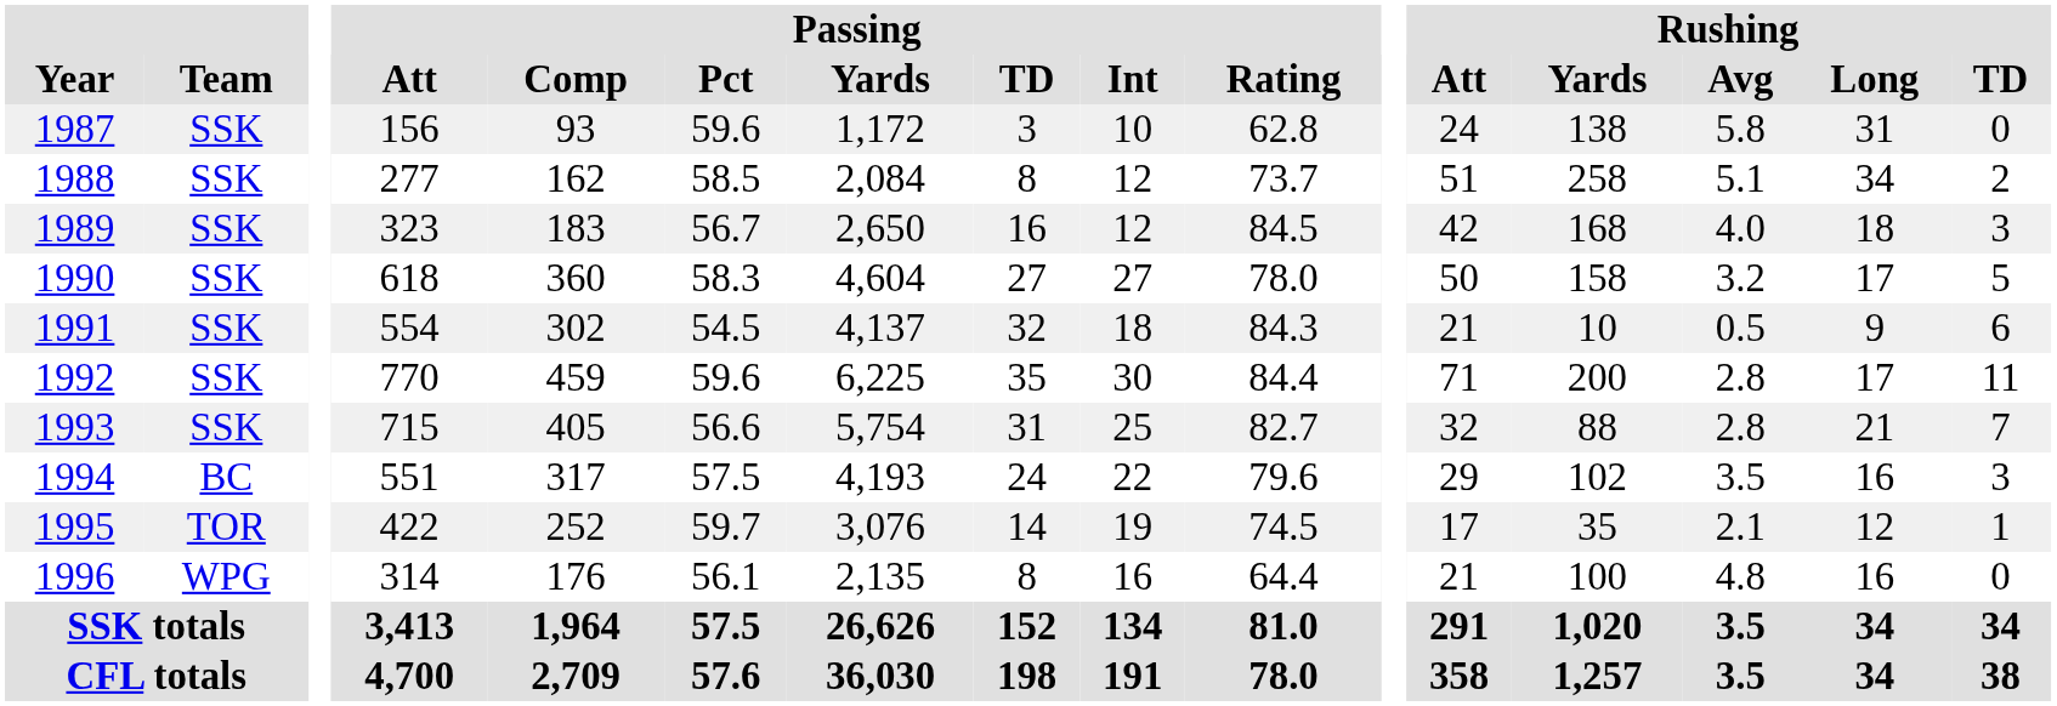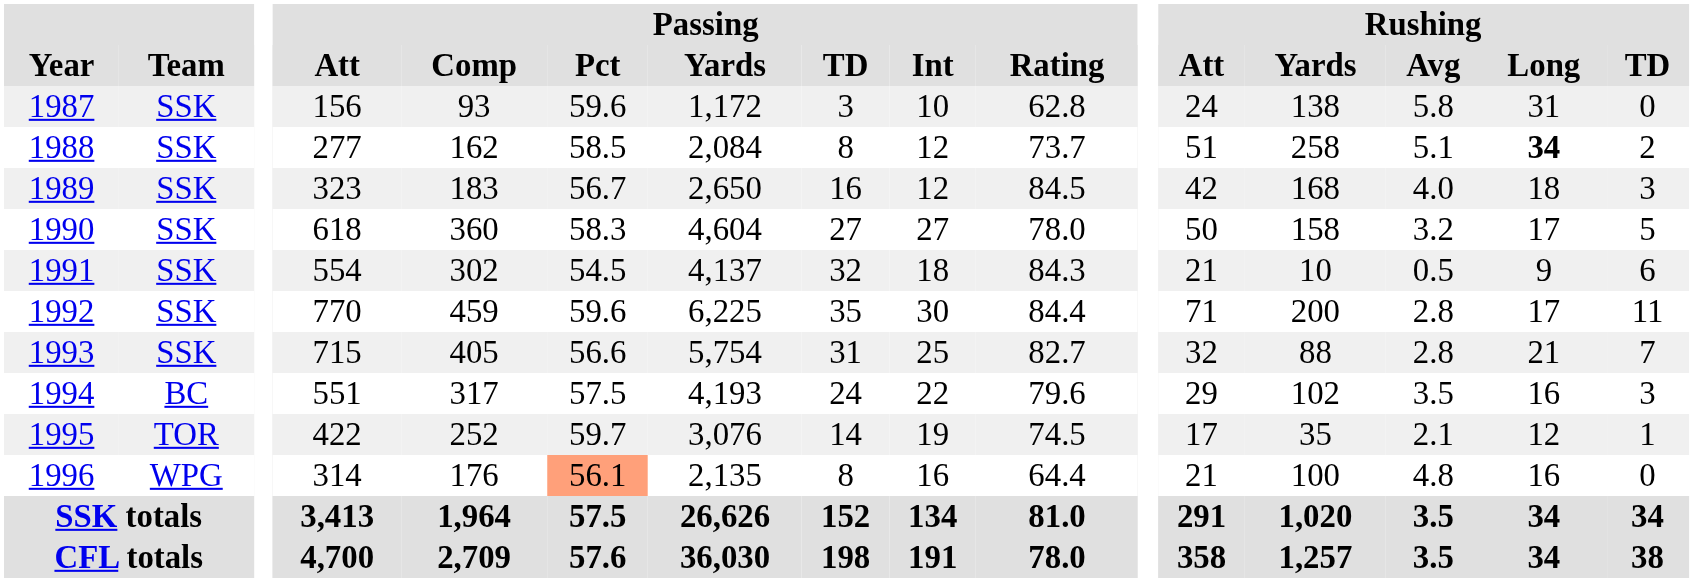 <table BORDER="0" CELLPADDING="1" CELLSPACING="0" width="65%" style="text-align:center">
 <tr bgcolor="#e0e0e0">
 <th colspan="2"></th>
 <th rowspan="99" bgcolor="#ffffff"> </th>
 <th colspan="7">Passing</th>
 <th rowspan="99" bgcolor="#ffffff"> </th>
 <th colspan="6">Rushing</th>
 </tr>
 <tr bgcolor="#e0e0e0">
 <th>Year</th>
 <th>Team</th>
 <th>Att</th>
 <th>Comp</th>
 <th>Pct</th>
 <th>Yards</th>
 <th>TD</th>
 <th>Int</th>
 <th>Rating</th>
 <th>Att</th>
 <th>Yards</th>
 <th>Avg</th>
 <th>Long</th>
 <th>TD</th>
 </tr>
 <tr ALIGN="center" bgcolor="#f0f0f0">
 <td><a href='#'>1987</a></td>
 <td><a href='#'>SSK</a></td>
 <td>156</td>
 <td>93</td>
 <td>59.6</td>
 <td>1,172</td>
 <td>3</td>
 <td>10</td>
 <td>62.8</td>
 <td>24</td>
 <td>138</td>
 <td>5.8</td>
 <td>31</td>
 <td>0</td>
 </tr>
 <tr ALIGN="center">
 <td><a href='#'>1988</a></td>
 <td><a href='#'>SSK</a></td>
 <td>277</td>
 <td>162</td>
 <td>58.5</td>
 <td>2,084</td>
 <td>8</td>
 <td>12</td>
 <td>73.7</td>
 <td>51</td>
 <td>258</td>
 <td>5.1</td>
-<td>34</td>
+<td><strong>34</strong></td>
 <td>2</td>
 </tr>
 <tr ALIGN="center" bgcolor="#f0f0f0">
 <td><a href='#'>1989</a></td>
 <td><a href='#'>SSK</a></td>
 <td>323</td>
 <td>183</td>
 <td>56.7</td>
 <td>2,650</td>
 <td>16</td>
 <td>12</td>
 <td>84.5</td>
 <td>42</td>
 <td>168</td>
 <td>4.0</td>
 <td>18</td>
 <td>3</td>
 </tr>
 <tr ALIGN="center">
 <td><a href='#'>1990</a></td>
 <td><a href='#'>SSK</a></td>
 <td>618</td>
 <td>360</td>
 <td>58.3</td>
 <td>4,604</td>
 <td>27</td>
 <td>27</td>
 <td>78.0</td>
 <td>50</td>
 <td>158</td>
 <td>3.2</td>
 <td>17</td>
 <td>5</td>
 </tr>
 <tr ALIGN="center" bgcolor="#f0f0f0">
 <td><a href='#'>1991</a></td>
 <td><a href='#'>SSK</a></td>
 <td>554</td>
 <td>302</td>
 <td>54.5</td>
 <td>4,137</td>
 <td>32</td>
 <td>18</td>
 <td>84.3</td>
 <td>21</td>
 <td>10</td>
 <td>0.5</td>
 <td>9</td>
 <td>6</td>
 </tr>
 <tr ALIGN="center">
 <td><a href='#'>1992</a></td>
 <td><a href='#'>SSK</a></td>
 <td>770</td>
 <td>459</td>
 <td>59.6</td>
 <td>6,225</td>
 <td>35</td>
 <td>30</td>
 <td>84.4</td>
 <td>71</td>
 <td>200</td>
 <td>2.8</td>
 <td>17</td>
 <td>11</td>
 </tr>
 <tr ALIGN="center" bgcolor="#f0f0f0">
 <td><a href='#'>1993</a></td>
 <td><a href='#'>SSK</a></td>
 <td>715</td>
 <td>405</td>
 <td>56.6</td>
 <td>5,754</td>
 <td>31</td>
 <td>25</td>
 <td>82.7</td>
 <td>32</td>
 <td>88</td>
 <td>2.8</td>
 <td>21</td>
 <td>7</td>
 </tr>
 <tr ALIGN="center">
 <td><a href='#'>1994</a></td>
 <td><a href='#'>BC</a></td>
 <td>551</td>
 <td>317</td>
 <td>57.5</td>
 <td>4,193</td>
 <td>24</td>
 <td>22</td>
 <td>79.6</td>
 <td>29</td>
 <td>102</td>
 <td>3.5</td>
 <td>16</td>
 <td>3</td>
 </tr>
 <tr ALIGN="center" bgcolor="#f0f0f0">
 <td><a href='#'>1995</a></td>
 <td><a href='#'>TOR</a></td>
 <td>422</td>
 <td>252</td>
 <td>59.7</td>
 <td>3,076</td>
 <td>14</td>
 <td>19</td>
 <td>74.5</td>
 <td>17</td>
 <td>35</td>
 <td>2.1</td>
 <td>12</td>
 <td>1</td>
 </tr>
 <tr ALIGN="center">
 <td><a href='#'>1996</a></td>
 <td><a href='#'>WPG</a></td>
 <td>314</td>
 <td>176</td>
-<td>56.1</td>
+<td style="background: lightsalmon;">56.1</td>
 <td>2,135</td>
 <td>8</td>
 <td>16</td>
 <td>64.4</td>
 <td>21</td>
 <td>100</td>
 <td>4.8</td>
 <td>16</td>
 <td>0</td>
 </tr>
 <tr bgcolor="#e0e0e0">
 <th colspan="2"><a href='#'>SSK</a> totals</th>
 <th>3,413</th>
 <th>1,964</th>
 <th>57.5</th>
 <th>26,626</th>
 <th>152</th>
 <th>134</th>
 <th>81.0</th>
 <th>291</th>
 <th>1,020</th>
 <th>3.5</th>
 <th>34</th>
 <th>34</th>
 </tr>
 <tr bgcolor="#e0e0e0">
 <th colspan="2"><a href='#'>CFL</a> totals</th>
 <th>4,700</th>
 <th>2,709</th>
 <th>57.6</th>
 <th>36,030</th>
 <th>198</th>
 <th>191</th>
 <th>78.0</th>
 <th>358</th>
 <th>1,257</th>
 <th>3.5</th>
 <th>34</th>
 <th>38</th>
 </tr>
 </table>
